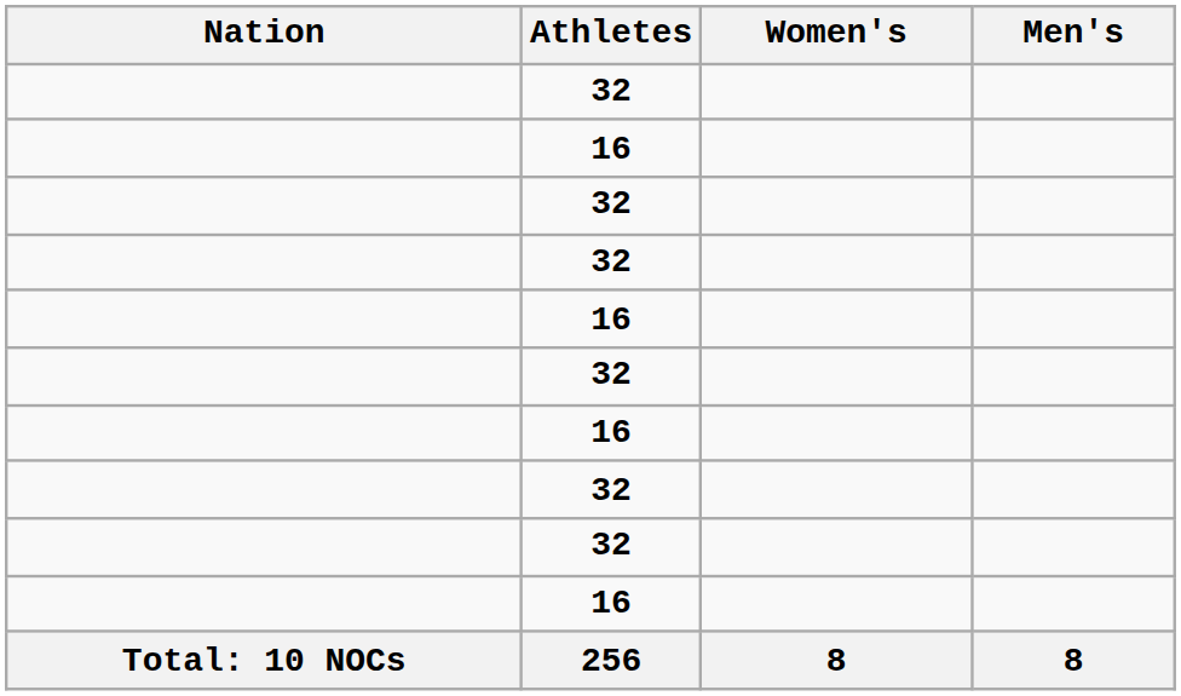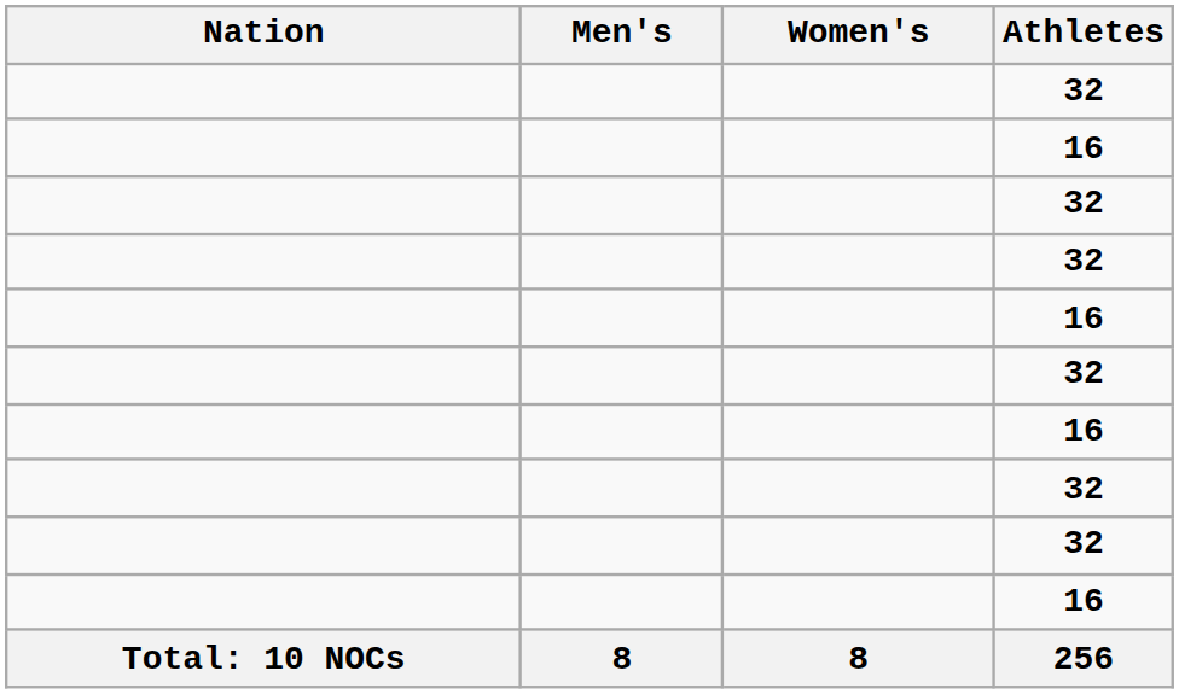 <table class="wikitable sortable" width=405 style="text-align:center; font-size:90%">
 <tr>
 <th>Nation</th>
+<th>Men's</th>
+<th>Women's</th>
 <th width=55>Athletes</th>
-<th>Women's</th>
-<th>Men's</th>
 </tr>
 <tr>
 <td style="text-align:left;"></td>
-<td><strong>32</strong></td>
 <td></td>
 <td></td>
+<td><strong>32</strong></td>
 </tr>
 <tr>
 <td style="text-align:left;"></td>
-<td><strong>16</strong></td>
 <td></td>
 <td></td>
+<td><strong>16</strong></td>
 </tr>
 <tr>
 <td style="text-align:left;"></td>
-<td><strong>32</strong></td>
 <td></td>
 <td></td>
+<td><strong>32</strong></td>
 </tr>
 <tr>
 <td style="text-align:left;"></td>
-<td><strong>32</strong></td>
 <td></td>
 <td></td>
+<td><strong>32</strong></td>
 </tr>
 <tr>
 <td style="text-align:left;"></td>
-<td><strong>16</strong></td>
 <td></td>
 <td></td>
+<td><strong>16</strong></td>
 </tr>
 <tr>
 <td style="text-align:left;"></td>
-<td><strong>32</strong></td>
 <td></td>
 <td></td>
+<td><strong>32</strong></td>
 </tr>
 <tr>
 <td style="text-align:left;"></td>
-<td><strong>16</strong></td>
 <td></td>
 <td></td>
+<td><strong>16</strong></td>
 </tr>
 <tr>
 <td style="text-align:left;"></td>
-<td><strong>32</strong></td>
 <td></td>
 <td></td>
+<td><strong>32</strong></td>
 </tr>
 <tr>
 <td style="text-align:left;"></td>
-<td><strong>32</strong></td>
 <td></td>
 <td></td>
+<td><strong>32</strong></td>
 </tr>
 <tr>
 <td style="text-align:left;"></td>
-<td><strong>16</strong></td>
 <td></td>
 <td></td>
+<td><strong>16</strong></td>
 </tr>
 <tr>
 <th>Total: 10 NOCs</th>
-<th>256</th>
 <th>8</th>
 <th>8</th>
+<th>256</th>
 </tr>
 </table>
